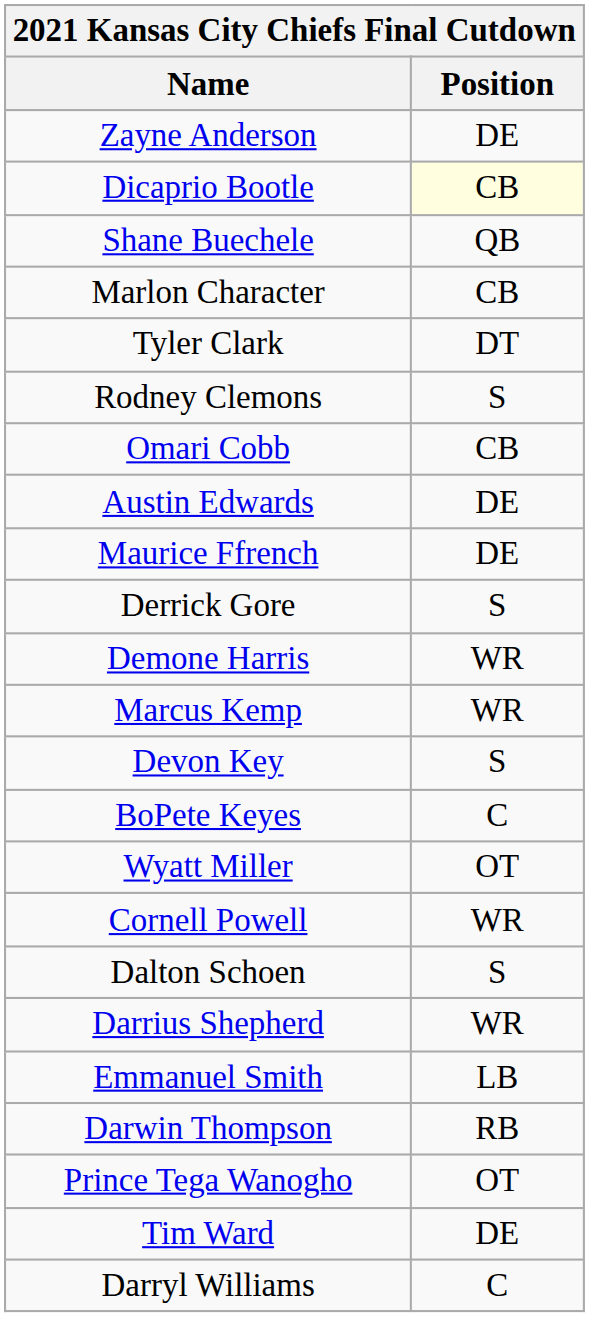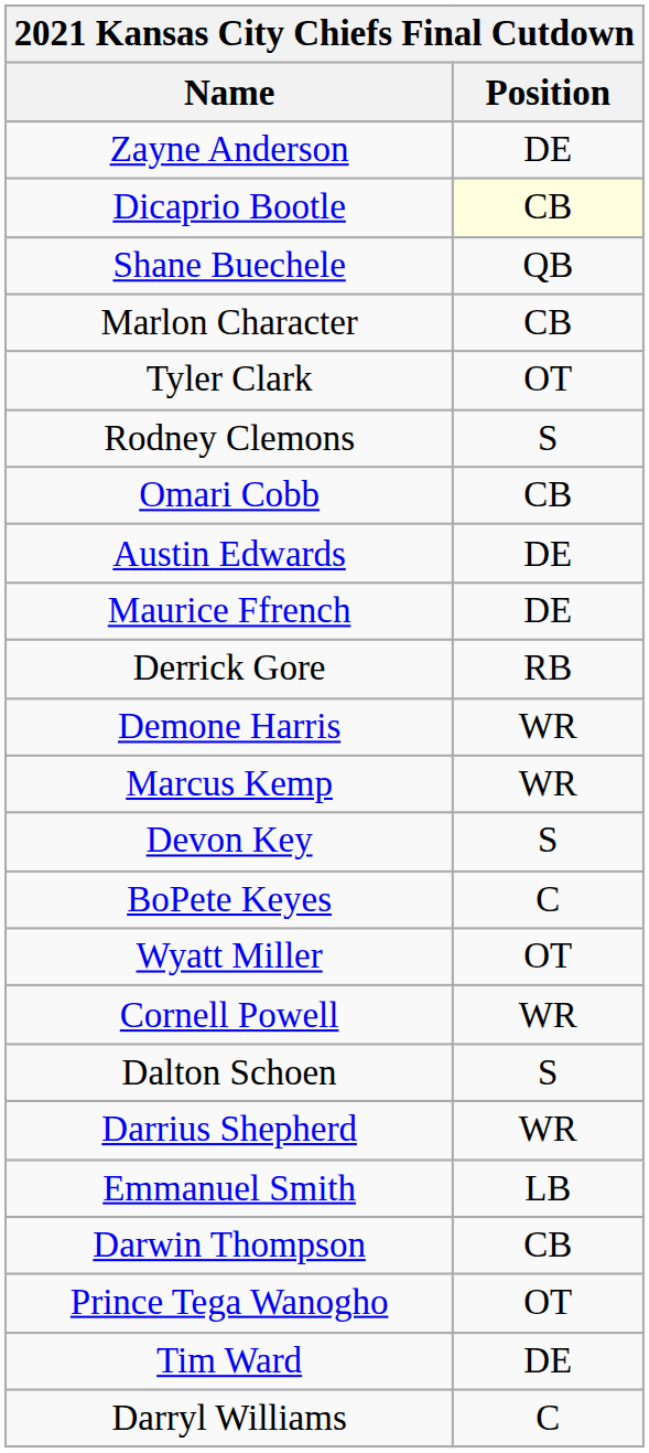 <table class="wikitable" style="text-align:center">
 <tr>
 <th colspan=2>2021 Kansas City Chiefs Final Cutdown</th>
 </tr>
 <tr>
 <th>Name</th>
 <th>Position</th>
 </tr>
 <tr>
 <td><a href='#'>Zayne Anderson</a></td>
 <td>DE</td>
 </tr>
 <tr>
 <td><a href='#'>Dicaprio Bootle</a></td>
 <td style="background: lightyellow;">CB</td>
 </tr>
 <tr>
 <td><a href='#'>Shane Buechele</a></td>
 <td>QB</td>
 </tr>
 <tr>
 <td>Marlon Character</td>
 <td>CB</td>
 </tr>
 <tr>
 <td>Tyler Clark</td>
-<td>DT</td>
+<td>OT</td>
 </tr>
 <tr>
 <td>Rodney Clemons</td>
 <td>S</td>
 </tr>
 <tr>
 <td><a href='#'>Omari Cobb</a></td>
 <td>CB</td>
 </tr>
 <tr>
 <td><a href='#'>Austin Edwards</a></td>
 <td>DE</td>
 </tr>
 <tr>
 <td><a href='#'>Maurice Ffrench</a></td>
 <td>DE</td>
 </tr>
 <tr>
 <td>Derrick Gore</td>
-<td>S</td>
+<td>RB</td>
 </tr>
 <tr>
 <td><a href='#'>Demone Harris</a></td>
 <td>WR</td>
 </tr>
 <tr>
 <td><a href='#'>Marcus Kemp</a></td>
 <td>WR</td>
 </tr>
 <tr>
 <td><a href='#'>Devon Key</a></td>
 <td>S</td>
 </tr>
 <tr>
 <td><a href='#'>BoPete Keyes</a></td>
 <td>C</td>
 </tr>
 <tr>
 <td><a href='#'>Wyatt Miller</a></td>
 <td>OT</td>
 </tr>
 <tr>
 <td><a href='#'>Cornell Powell</a></td>
 <td>WR</td>
 </tr>
 <tr>
 <td>Dalton Schoen</td>
 <td>S</td>
 </tr>
 <tr>
 <td><a href='#'>Darrius Shepherd</a></td>
 <td>WR</td>
 </tr>
 <tr>
 <td><a href='#'>Emmanuel Smith</a></td>
 <td>LB</td>
 </tr>
 <tr>
 <td><a href='#'>Darwin Thompson</a></td>
-<td>RB</td>
+<td>CB</td>
 </tr>
 <tr>
 <td><a href='#'>Prince Tega Wanogho</a></td>
 <td>OT</td>
 </tr>
 <tr>
 <td><a href='#'>Tim Ward</a></td>
 <td>DE</td>
 </tr>
 <tr>
 <td>Darryl Williams</td>
 <td>C</td>
 </tr>
 </table>
